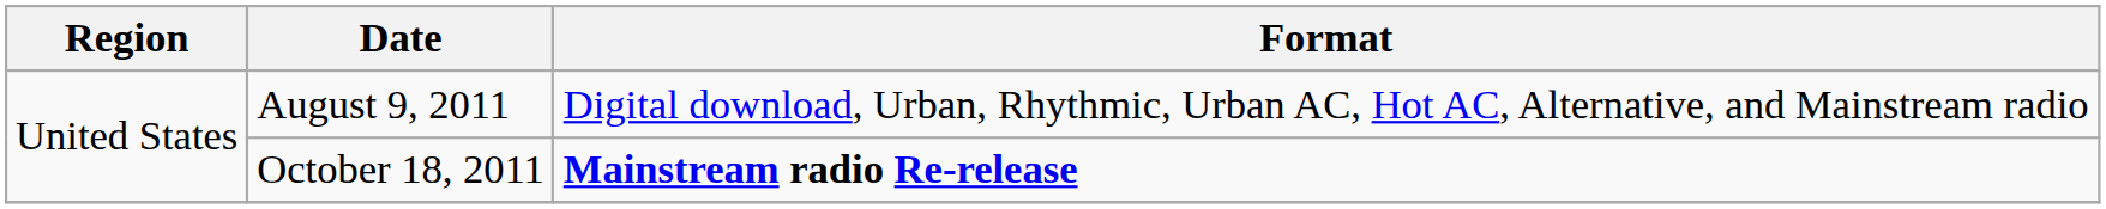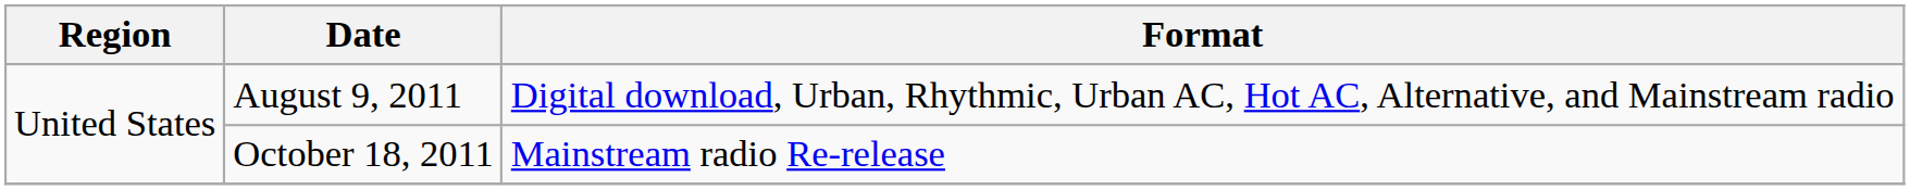 <table class="wikitable">
 <tr>
 <th>Region</th>
 <th>Date</th>
 <th>Format</th>
 </tr>
 <tr>
 <td rowspan="2">United States</td>
 <td rowspan="1">August 9, 2011</td>
 <td><a href='#'>Digital download</a>, Urban, Rhythmic, Urban AC, <a href='#'>Hot AC</a>, Alternative, and Mainstream radio</td>
 </tr>
 <tr>
 <td>October 18, 2011</td>
-<td><strong><a href='#'>Mainstream</a> radio <a href='#'>Re-release</a></strong></td>
+<td><a href='#'>Mainstream</a> radio <a href='#'>Re-release</a></td>
 </tr>
 <tr>
 </tr>
 </table>
